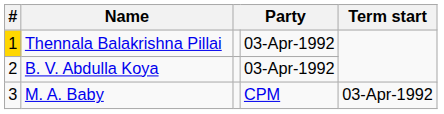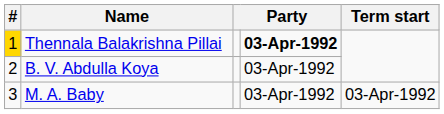 <table class="wikitable">
 <tr>
 <th>#</th>
 <th style="width:200px">Name</th>
 <th colspan="2">Party</th>
 <th>Term start</th>
 </tr>
 <tr>
 <td style="background: gold;">1</td>
 <td><a href='#'>Thennala Balakrishna Pillai</a></td>
 <td></td>
-<td>03-Apr-1992</td>
+<td><strong>03-Apr-1992</strong></td>
 </tr>
 <tr>
 <td>2</td>
 <td><a href='#'>B. V. Abdulla Koya</a></td>
 <td></td>
 <td>03-Apr-1992</td>
 </tr>
 <tr>
 <td>3</td>
 <td><a href='#'>M. A. Baby</a></td>
 <td style="background-color: "></td>
-<td><a href='#'>CPM</a></td>
+<td>03-Apr-1992</td>
 <td>03-Apr-1992</td>
 </tr>
 </table>
